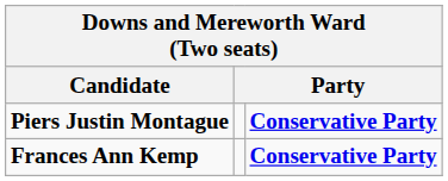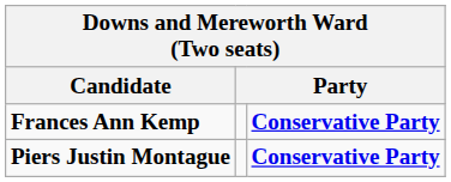 <table class="wikitable" border="1" style="text-align:right; font-size:100%">
 <tr>
 <th align=center colspan=3>Downs and Mereworth Ward<br>(Two seats)</th>
 </tr>
 <tr>
 <th>Candidate</th>
 <th colspan=2>Party</th>
 </tr>
 <tr>
+<td align=left><strong>Frances Ann Kemp</strong></td>
+<td style="background:"></td>
+<td align=left><strong><a href='#'>Conservative Party</a></strong></td>
+</tr>
+<tr>
 <td align=left><strong>Piers Justin Montague</strong></td>
 <td style="background:"></td>
 <td align=left><strong><a href='#'>Conservative Party</a></strong></td>
 </tr>
-<tr>
-<td align=left><strong>Frances Ann Kemp</strong></td>
-<td style="background:"></td>
-<td align=left><strong><a href='#'>Conservative Party</a></strong></td>
-</tr>
 </table>
